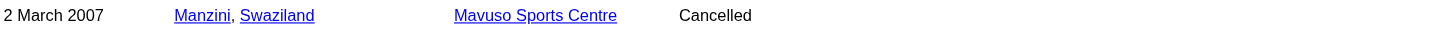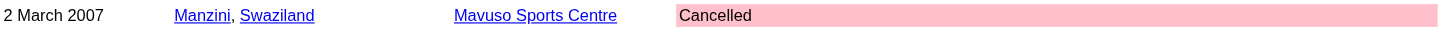 <table cellpadding="2" style="border: 0px solid darkgray; font-size:90%">
 <tr>
 <th width="150"></th>
 <th width="250"></th>
 <th width="200"></th>
 <th width="700"></th>
 </tr>
 <tr border="0">
 <td>2 March 2007</td>
 <td><a href='#'>Manzini</a>, <a href='#'>Swaziland</a></td>
 <td><a href='#'>Mavuso Sports Centre</a></td>
-<td>Cancelled</td>
+<td style="background: pink;">Cancelled</td>
 </tr>
 <tr>
 </tr>
 </table>
